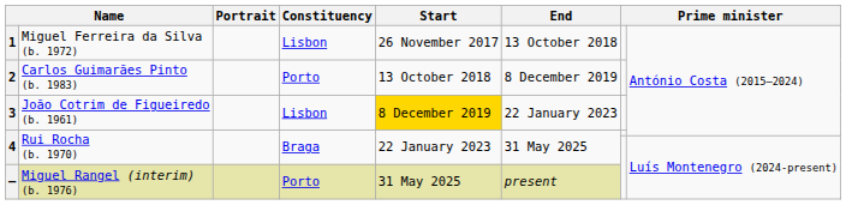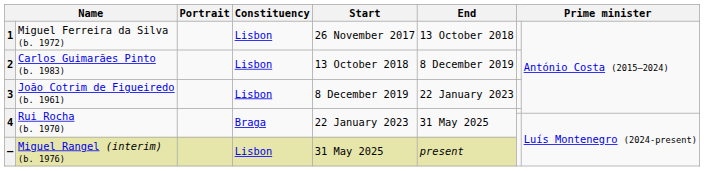 <table class="wikitable">
 <tr>
 <th colspan="2">Name</th>
 <th>Portrait</th>
 <th>Constituency</th>
 <th>Start</th>
 <th>End</th>
 <th colspan="2">Prime minister</th>
 </tr>
 <tr>
 <th>1</th>
 <td>Miguel Ferreira da Silva<br><small>(b. 1972)</small></td>
 <td></td>
 <td><a href='#'>Lisbon</a></td>
 <td>26 November 2017</td>
 <td>13 October 2018</td>
 <td rowspan="1" style="background-color: "></td>
 <td rowspan="4"><a href='#'>António Costa</a> <small>(2015–2024)</small></td>
 </tr>
 <tr>
 <th>2</th>
 <td><a href='#'>Carlos Guimarães Pinto</a><br><small>(b. 1983)</small></td>
 <td></td>
-<td><a href='#'>Porto</a></td>
+<td><a href='#'>Lisbon</a></td>
 <td>13 October 2018</td>
 <td>8 December 2019</td>
 <td rowspan="1" style="background-color: "></td>
 </tr>
 <tr>
 <th>3</th>
 <td><a href='#'>João Cotrim de Figueiredo</a><br><small>(b. 1961)</small></td>
 <td></td>
 <td><a href='#'>Lisbon</a></td>
-<td style="background: gold;">8 December 2019</td>
+<td>8 December 2019</td>
 <td>22 January 2023</td>
 <td rowspan="1" style="background-color: "></td>
 </tr>
 <tr>
 <th rowspan="2">4</th>
 <td rowspan="2"><a href='#'>Rui Rocha</a><br><small>(b. 1970)</small></td>
 <td rowspan="2"></td>
 <td rowspan="2"><a href='#'>Braga</a></td>
 <td rowspan="2">22 January 2023</td>
 <td rowspan="2">31 May 2025</td>
 <td rowspan="1" style="background-color: "></td>
 </tr>
 <tr>
 <td rowspan="2" style="background-color: "></td>
 <td rowspan="2"><a href='#'>Luís Montenegro</a> <small>(2024-present)</small></td>
 </tr>
 <tr style="background-color: #E6E6AA" |>
 <th>–</th>
 <td><a href='#'>Miguel Rangel</a> <em>(interim)</em><br><small>(b. 1976)</small></td>
 <td></td>
-<td><a href='#'>Porto</a></td>
+<td><a href='#'>Lisbon</a></td>
 <td>31 May 2025</td>
 <td><em>present</em></td>
 </tr>
 </table>
